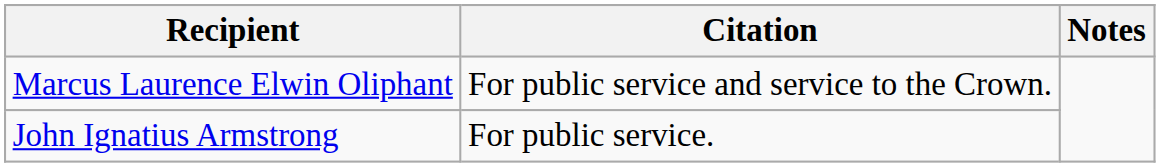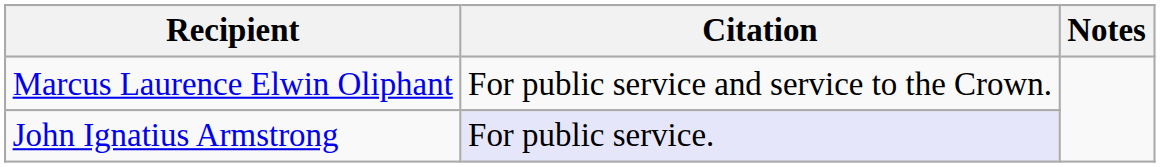 <table class=wikitable>
 <tr>
 <th>Recipient</th>
 <th>Citation</th>
 <th>Notes</th>
 </tr>
 <tr>
 <td> <a href='#'>Marcus Laurence Elwin Oliphant</a></td>
 <td>For public service and service to the Crown.</td>
 <td rowspan=2></td>
 </tr>
 <tr>
 <td><a href='#'>John Ignatius Armstrong</a></td>
-<td>For public service.</td>
+<td style="background: lavender;">For public service.</td>
 </tr>
 </table>
